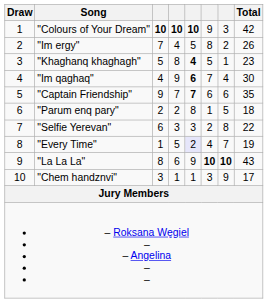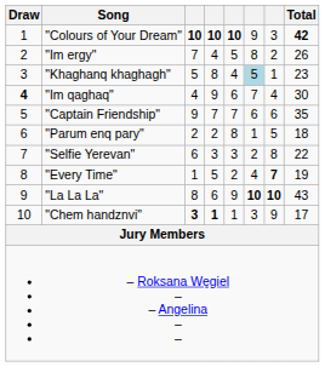 <table class="wikitable collapsible" style="margin: 1em auto 1em auto; text-align:center;">
 <tr>
 <th>Draw</th>
 <th>Song</th>
 <th></th>
 <th></th>
 <th></th>
 <th></th>
 <th></th>
 <th>Total</th>
 </tr>
 <tr>
 <td>1</td>
 <td align=left>"Colours of Your Dream"</td>
 <td><strong>10</strong></td>
 <td><strong>10</strong></td>
 <td><strong>10</strong></td>
 <td>9</td>
 <td>3</td>
-<td>42</td>
+<td><strong>42</strong></td>
 </tr>
 <tr>
 <td>2</td>
 <td align=left>"Im ergy"</td>
 <td>7</td>
 <td>4</td>
 <td>5</td>
 <td>8</td>
 <td>2</td>
 <td>26</td>
 </tr>
 <tr>
 <td>3</td>
 <td align=left>"Khaghanq khaghagh"</td>
 <td>5</td>
 <td>8</td>
-<td><strong>4</strong></td>
-<td>5</td>
+<td>4</td>
+<td style="background: lightblue;">5</td>
 <td>1</td>
 <td>23</td>
 </tr>
 <tr>
-<td>4</td>
+<td><strong>4</strong></td>
 <td align=left>"Im qaghaq"</td>
 <td>4</td>
 <td>9</td>
-<td><strong>6</strong></td>
+<td>6</td>
 <td>7</td>
 <td>4</td>
 <td>30</td>
 </tr>
 <tr>
 <td>5</td>
 <td align=left>"Captain Friendship"</td>
 <td>9</td>
 <td>7</td>
-<td><strong>7</strong></td>
+<td>7</td>
 <td>6</td>
 <td>6</td>
 <td>35</td>
 </tr>
 <tr>
 <td>6</td>
 <td align=left>"Parum enq pary"</td>
 <td>2</td>
 <td>2</td>
 <td>8</td>
 <td>1</td>
 <td>5</td>
 <td>18</td>
 </tr>
 <tr>
 <td>7</td>
 <td align=left>"Selfie Yerevan"</td>
 <td>6</td>
 <td>3</td>
 <td>3</td>
 <td>2</td>
 <td>8</td>
 <td>22</td>
 </tr>
 <tr>
 <td>8</td>
 <td align=left>"Every Time"</td>
 <td>1</td>
 <td>5</td>
-<td style="background: lavender;">2</td>
+<td>2</td>
 <td>4</td>
-<td>7</td>
+<td><strong>7</strong></td>
 <td>19</td>
 </tr>
 <tr>
 <td>9</td>
 <td align=left>"La La La"</td>
 <td>8</td>
 <td>6</td>
 <td>9</td>
 <td><strong>10</strong></td>
 <td><strong>10</strong></td>
 <td>43</td>
 </tr>
 <tr>
 <td>10</td>
 <td align=left>"Chem handznvi"</td>
-<td>3</td>
-<td>1</td>
+<td><strong>3</strong></td>
+<td><strong>1</strong></td>
 <td>1</td>
 <td>3</td>
 <td>9</td>
 <td>17</td>
 </tr>
 <tr class="sortbottom">
 <th colspan="8">Jury Members</th>
 </tr>
 <tr class="sortbottom">
 <td colspan="8"><br><ul><li> – <a href='#'>Roksana Węgiel</a></li><li> – </li><li> – <a href='#'>Angelina</a></li><li> – </li><li> – </li></ul></td>
 </tr>
 </table>
